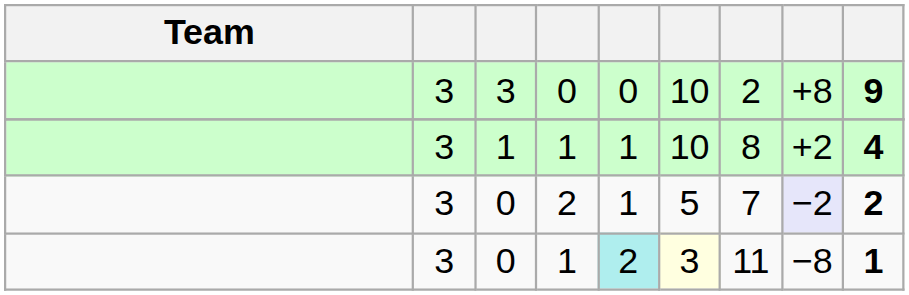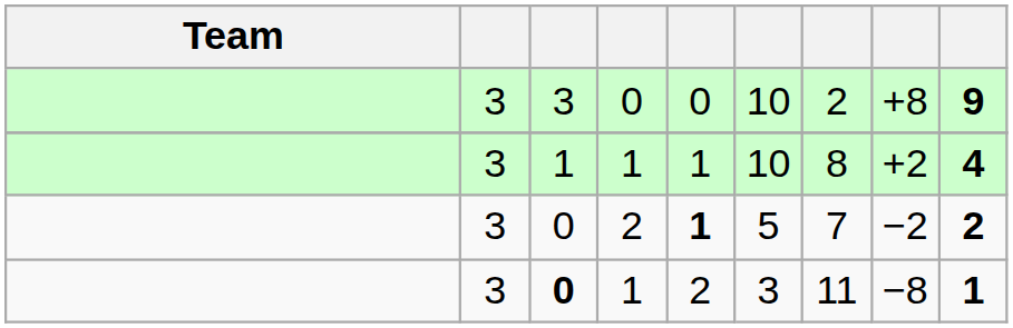 <table class="wikitable" style="text-align: center;">
 <tr>
 <th width=175>Team</th>
 <th width=20></th>
 <th width=20></th>
 <th width=20></th>
 <th width=20></th>
 <th width=20></th>
 <th width=20></th>
 <th width=20></th>
 <th width=20></th>
 </tr>
 <tr bgcolor="#ccffcc">
 <td style="text-align:left;"></td>
 <td>3</td>
 <td>3</td>
 <td>0</td>
 <td>0</td>
 <td>10</td>
 <td>2</td>
 <td>+8</td>
 <td><strong>9</strong></td>
 </tr>
 <tr align=center>
 </tr>
 <tr bgcolor="#ccffcc">
 <td style="text-align:left;"><em></em></td>
 <td>3</td>
 <td>1</td>
 <td>1</td>
 <td>1</td>
 <td>10</td>
 <td>8</td>
 <td>+2</td>
 <td><strong>4</strong></td>
 </tr>
 <tr align=center>
 <td style="text-align:left;"></td>
 <td>3</td>
 <td>0</td>
 <td>2</td>
-<td>1</td>
+<td><strong>1</strong></td>
 <td>5</td>
 <td>7</td>
-<td style="background: lavender;">−2</td>
+<td>−2</td>
 <td><strong>2</strong></td>
 </tr>
 <tr align=center>
 <td style="text-align:left;"></td>
 <td>3</td>
-<td>0</td>
+<td><strong>0</strong></td>
 <td>1</td>
-<td style="background: paleturquoise;">2</td>
-<td style="background: lightyellow;">3</td>
+<td>2</td>
+<td>3</td>
 <td>11</td>
 <td>−8</td>
 <td><strong>1</strong></td>
 </tr>
 </table>
